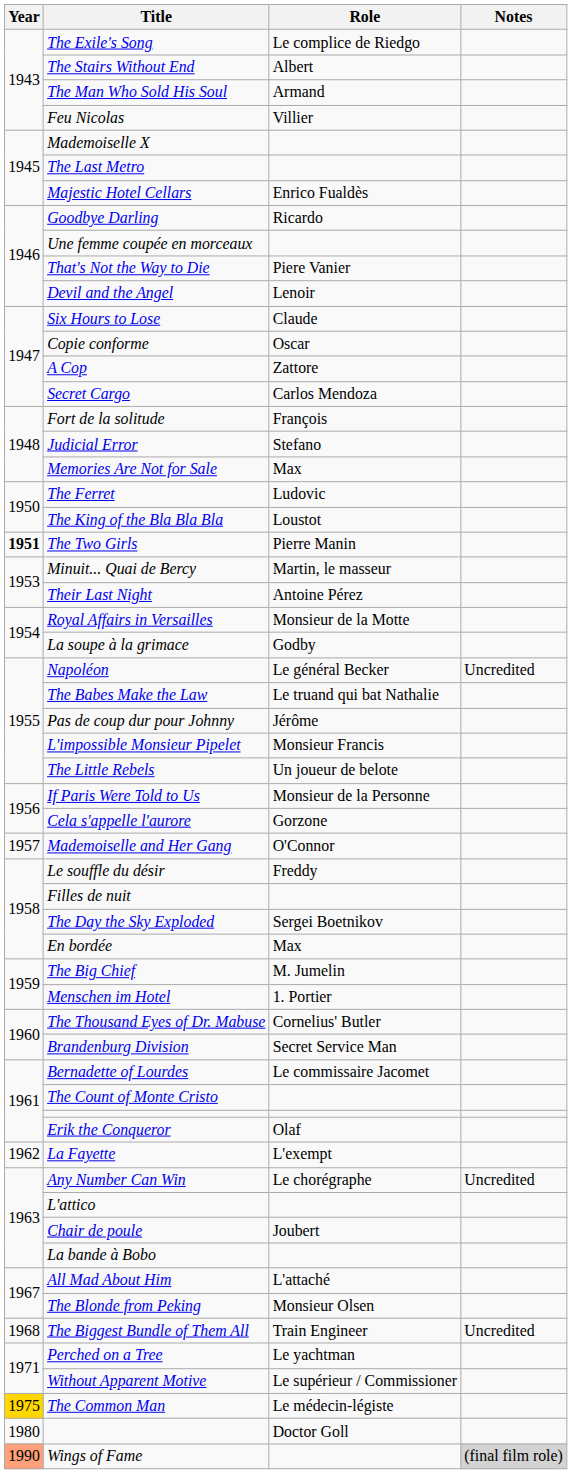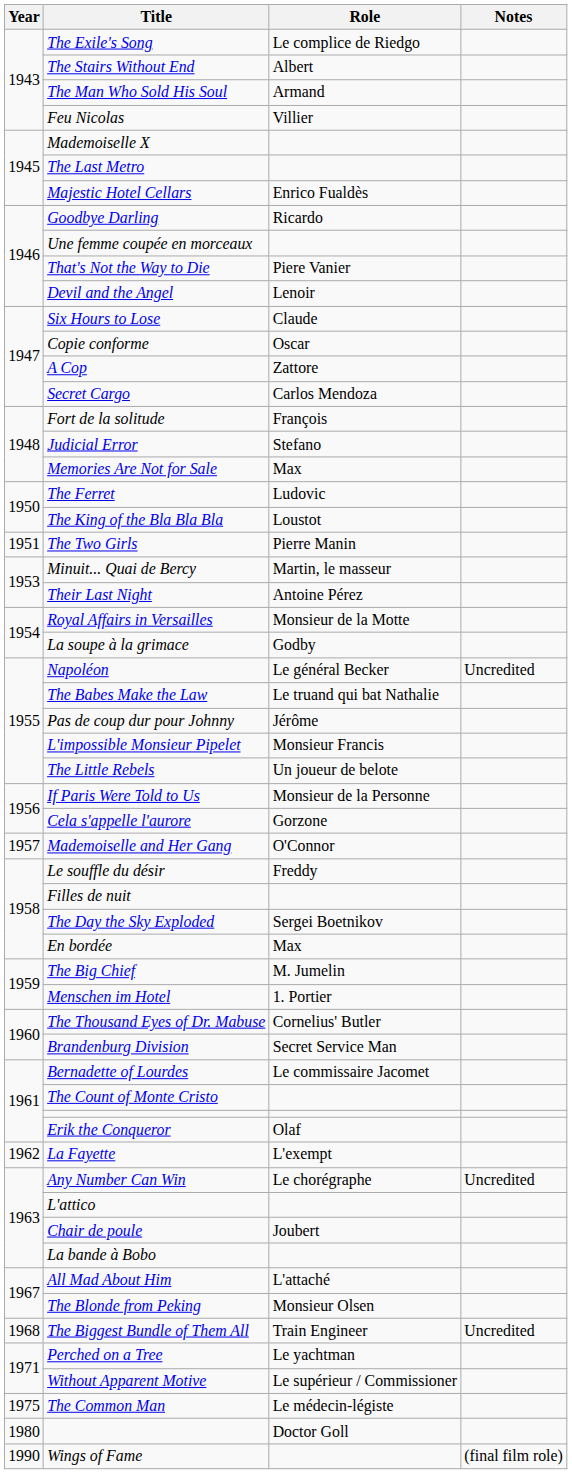 <table class="wikitable sortable">
 <tr>
 <th>Year</th>
 <th>Title</th>
 <th>Role</th>
 <th class="unsortable">Notes</th>
 </tr>
 <tr>
 <td rowspan=4>1943</td>
 <td><em><a href='#'>The Exile's Song</a></em></td>
 <td>Le complice de Riedgo</td>
 <td></td>
 </tr>
 <tr>
 <td><em><a href='#'>The Stairs Without End</a></em></td>
 <td>Albert</td>
 <td></td>
 </tr>
 <tr>
 <td><em><a href='#'>The Man Who Sold His Soul</a></em></td>
 <td>Armand</td>
 <td></td>
 </tr>
 <tr>
 <td><em>Feu Nicolas</em></td>
 <td>Villier</td>
 <td></td>
 </tr>
 <tr>
 <td rowspan=3>1945</td>
 <td><em>Mademoiselle X</em></td>
 <td></td>
 <td></td>
 </tr>
 <tr>
 <td><em><a href='#'>The Last Metro</a></em></td>
 <td></td>
 <td></td>
 </tr>
 <tr>
 <td><em><a href='#'>Majestic Hotel Cellars</a></em></td>
 <td>Enrico Fualdès</td>
 <td></td>
 </tr>
 <tr>
 <td rowspan=4>1946</td>
 <td><em><a href='#'>Goodbye Darling</a></em></td>
 <td>Ricardo</td>
 <td></td>
 </tr>
 <tr>
 <td><em>Une femme coupée en morceaux</em></td>
 <td></td>
 <td></td>
 </tr>
 <tr>
 <td><em><a href='#'>That's Not the Way to Die</a></em></td>
 <td>Piere Vanier</td>
 <td></td>
 </tr>
 <tr>
 <td><em><a href='#'>Devil and the Angel</a></em></td>
 <td>Lenoir</td>
 <td></td>
 </tr>
 <tr>
 <td rowspan=4>1947</td>
 <td><em><a href='#'>Six Hours to Lose</a></em></td>
 <td>Claude</td>
 <td></td>
 </tr>
 <tr>
 <td><em>Copie conforme</em></td>
 <td>Oscar</td>
 <td></td>
 </tr>
 <tr>
 <td><em><a href='#'>A Cop</a></em></td>
 <td>Zattore</td>
 <td></td>
 </tr>
 <tr>
 <td><em><a href='#'>Secret Cargo</a></em></td>
 <td>Carlos Mendoza</td>
 <td></td>
 </tr>
 <tr>
 <td rowspan=3>1948</td>
 <td><em>Fort de la solitude</em></td>
 <td>François</td>
 <td></td>
 </tr>
 <tr>
 <td><em><a href='#'>Judicial Error</a></em></td>
 <td>Stefano</td>
 <td></td>
 </tr>
 <tr>
 <td><em><a href='#'>Memories Are Not for Sale</a></em></td>
 <td>Max</td>
 <td></td>
 </tr>
 <tr>
 <td rowspan=2>1950</td>
 <td><em><a href='#'>The Ferret</a></em></td>
 <td>Ludovic</td>
 <td></td>
 </tr>
 <tr>
 <td><em><a href='#'>The King of the Bla Bla Bla</a></em></td>
 <td>Loustot</td>
 <td></td>
 </tr>
 <tr>
-<td><strong>1951</strong></td>
+<td>1951</td>
 <td><em><a href='#'>The Two Girls</a></em></td>
 <td>Pierre Manin</td>
 <td></td>
 </tr>
 <tr>
 <td rowspan=2>1953</td>
 <td><em>Minuit... Quai de Bercy</em></td>
 <td>Martin, le masseur</td>
 <td></td>
 </tr>
 <tr>
 <td><em><a href='#'>Their Last Night</a></em></td>
 <td>Antoine Pérez</td>
 <td></td>
 </tr>
 <tr>
 <td rowspan=2>1954</td>
 <td><em><a href='#'>Royal Affairs in Versailles</a></em></td>
 <td>Monsieur de la Motte</td>
 <td></td>
 </tr>
 <tr>
 <td><em>La soupe à la grimace</em></td>
 <td>Godby</td>
 <td></td>
 </tr>
 <tr>
 <td rowspan=5>1955</td>
 <td><em><a href='#'>Napoléon</a></em></td>
 <td>Le général Becker</td>
 <td>Uncredited</td>
 </tr>
 <tr>
 <td><em><a href='#'>The Babes Make the Law</a></em></td>
 <td>Le truand qui bat Nathalie</td>
 <td></td>
 </tr>
 <tr>
 <td><em>Pas de coup dur pour Johnny</em></td>
 <td>Jérôme</td>
 <td></td>
 </tr>
 <tr>
 <td><em><a href='#'>L'impossible Monsieur Pipelet</a></em></td>
 <td>Monsieur Francis</td>
 <td></td>
 </tr>
 <tr>
 <td><em><a href='#'>The Little Rebels</a></em></td>
 <td>Un joueur de belote</td>
 <td></td>
 </tr>
 <tr>
 <td rowspan=2>1956</td>
 <td><em><a href='#'>If Paris Were Told to Us</a></em></td>
 <td>Monsieur de la Personne</td>
 <td></td>
 </tr>
 <tr>
 <td><em><a href='#'>Cela s'appelle l'aurore</a></em></td>
 <td>Gorzone</td>
 <td></td>
 </tr>
 <tr>
 <td>1957</td>
 <td><em><a href='#'>Mademoiselle and Her Gang</a></em></td>
 <td>O'Connor</td>
 <td></td>
 </tr>
 <tr>
 <td rowspan=4>1958</td>
 <td><em>Le souffle du désir</em></td>
 <td>Freddy</td>
 <td></td>
 </tr>
 <tr>
 <td><em>Filles de nuit</em></td>
 <td></td>
 <td></td>
 </tr>
 <tr>
 <td><em><a href='#'>The Day the Sky Exploded</a></em></td>
 <td>Sergei Boetnikov</td>
 <td></td>
 </tr>
 <tr>
 <td><em>En bordée</em></td>
 <td>Max</td>
 <td></td>
 </tr>
 <tr>
 <td rowspan=2>1959</td>
 <td><em><a href='#'>The Big Chief</a></em></td>
 <td>M. Jumelin</td>
 <td></td>
 </tr>
 <tr>
 <td><em><a href='#'>Menschen im Hotel</a></em></td>
 <td>1. Portier</td>
 <td></td>
 </tr>
 <tr>
 <td rowspan=2>1960</td>
 <td><em><a href='#'>The Thousand Eyes of Dr. Mabuse</a></em></td>
 <td>Cornelius' Butler</td>
 <td></td>
 </tr>
 <tr>
 <td><em><a href='#'>Brandenburg Division</a></em></td>
 <td>Secret Service Man</td>
 <td></td>
 </tr>
 <tr>
 <td rowspan=4>1961</td>
 <td><em><a href='#'>Bernadette of Lourdes</a></em></td>
 <td>Le commissaire Jacomet</td>
 <td></td>
 </tr>
 <tr>
 <td><em><a href='#'>The Count of Monte Cristo</a></em></td>
 <td></td>
 <td></td>
 </tr>
 <tr>
 <td><em></em></td>
 <td></td>
 <td></td>
 </tr>
 <tr>
 <td><em><a href='#'>Erik the Conqueror</a></em></td>
 <td>Olaf</td>
 <td></td>
 </tr>
 <tr>
 <td>1962</td>
 <td><em><a href='#'>La Fayette</a></em></td>
 <td>L'exempt</td>
 <td></td>
 </tr>
 <tr>
 <td rowspan=4>1963</td>
 <td><em><a href='#'>Any Number Can Win</a></em></td>
 <td>Le chorégraphe</td>
 <td>Uncredited</td>
 </tr>
 <tr>
 <td><em>L'attico</em></td>
 <td></td>
 <td></td>
 </tr>
 <tr>
 <td><em><a href='#'>Chair de poule</a></em></td>
 <td>Joubert</td>
 <td></td>
 </tr>
 <tr>
 <td><em>La bande à Bobo</em></td>
 <td></td>
 <td></td>
 </tr>
 <tr>
 <td rowspan=2>1967</td>
 <td><em><a href='#'>All Mad About Him</a></em></td>
 <td>L'attaché</td>
 <td></td>
 </tr>
 <tr>
 <td><em><a href='#'>The Blonde from Peking</a></em></td>
 <td>Monsieur Olsen</td>
 <td></td>
 </tr>
 <tr>
 <td>1968</td>
 <td><em><a href='#'>The Biggest Bundle of Them All</a></em></td>
 <td>Train Engineer</td>
 <td>Uncredited</td>
 </tr>
 <tr>
 <td rowspan=2>1971</td>
 <td><em><a href='#'>Perched on a Tree</a></em></td>
 <td>Le yachtman</td>
 <td></td>
 </tr>
 <tr>
 <td><em><a href='#'>Without Apparent Motive</a></em></td>
 <td>Le supérieur / Commissioner</td>
 <td></td>
 </tr>
 <tr>
-<td style="background: gold;">1975</td>
+<td>1975</td>
 <td><em><a href='#'>The Common Man</a></em></td>
 <td>Le médecin-légiste</td>
 <td></td>
 </tr>
 <tr>
 <td>1980</td>
 <td><em></em></td>
 <td>Doctor Goll</td>
 <td></td>
 </tr>
 <tr>
-<td style="background: lightsalmon;">1990</td>
+<td>1990</td>
 <td><em>Wings of Fame</em></td>
 <td></td>
-<td style="background: lightgrey;">(final film role)</td>
+<td>(final film role)</td>
 </tr>
 </table>
